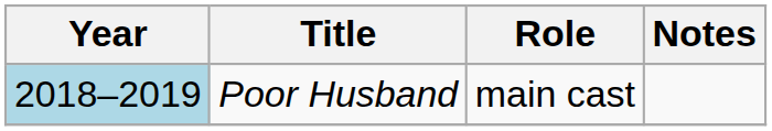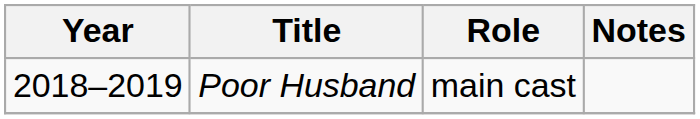 <table class="wikitable">
 <tr>
 <th>Year</th>
 <th>Title</th>
 <th>Role</th>
 <th>Notes</th>
 </tr>
 <tr>
-<td style="background: lightblue;">2018–2019</td>
+<td>2018–2019</td>
 <td><em>Poor Husband</em></td>
 <td>main cast</td>
 <td></td>
 </tr>
 <tr>
 </tr>
 </table>
